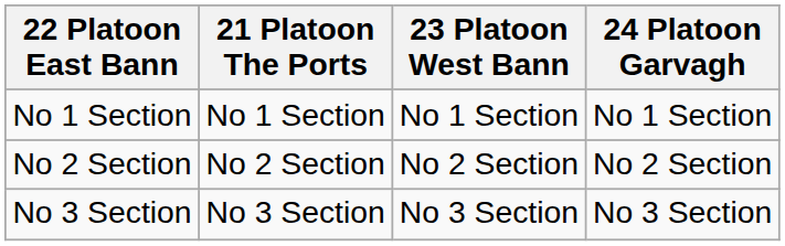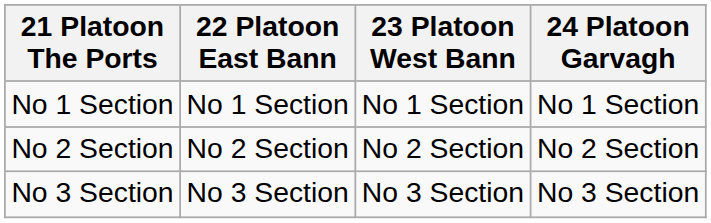 <table class="wikitable">
 <tr>
+<th>21 Platoon<br>The Ports</th>
 <th>22 Platoon<br>East Bann</th>
-<th>21 Platoon<br>The Ports</th>
 <th>23 Platoon<br>West Bann</th>
 <th>24 Platoon<br>Garvagh</th>
 </tr>
 <tr>
 <td>No 1 Section</td>
 <td>No 1 Section</td>
 <td>No 1 Section</td>
 <td>No 1 Section</td>
 </tr>
 <tr>
 <td>No 2 Section</td>
 <td>No 2 Section</td>
 <td>No 2 Section</td>
 <td>No 2 Section</td>
 </tr>
 <tr>
 <td>No 3 Section</td>
 <td>No 3 Section</td>
 <td>No 3 Section</td>
 <td>No 3 Section</td>
 </tr>
 </table>
